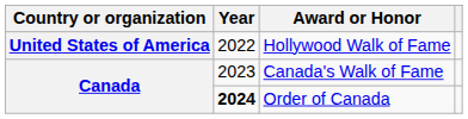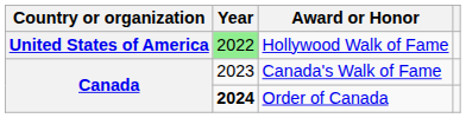 <table class="wikitable plainrowheaders sortable">
 <tr>
 <th scope="col">Country or organization</th>
 <th scope="col">Year</th>
 <th scope="col">Award or Honor</th>
 <th scope="col" class="unsortable"></th>
 </tr>
 <tr>
 <th scope="row" rowspan="1"><a href='#'>United States of America</a></th>
-<td>2022</td>
+<td style="background: lightgreen;">2022</td>
 <td><a href='#'>Hollywood Walk of Fame</a></td>
 <td style="text-align:center;"></td>
 </tr>
 <tr>
 <th scope="row" rowspan="2"><a href='#'>Canada</a></th>
 <td>2023</td>
 <td><a href='#'>Canada's Walk of Fame</a></td>
 <td style="text-align:center;"></td>
 </tr>
 <tr>
 <td><strong>2024</strong></td>
 <td><a href='#'>Order of Canada</a></td>
 <td style="text-align:center;"></td>
 </tr>
 </table>
